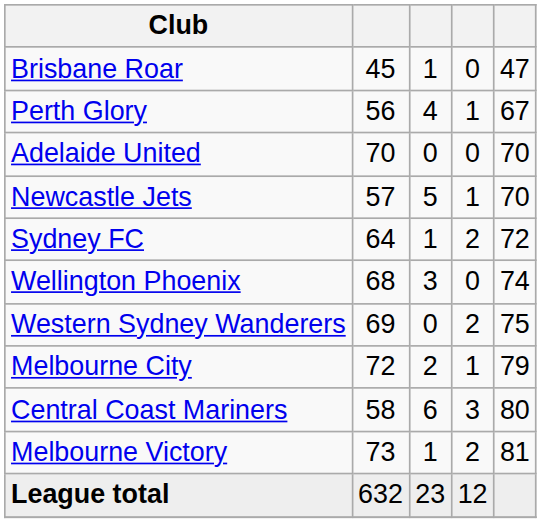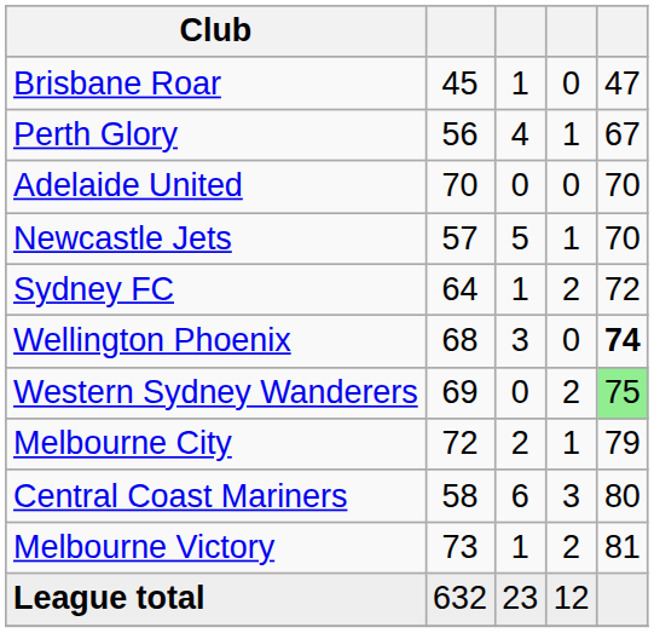 <table class="wikitable sortable" style="text-align:center">
 <tr>
 <th>Club</th>
 <th></th>
 <th></th>
 <th></th>
 <th></th>
 </tr>
 <tr>
 <td align="left"><a href='#'>Brisbane Roar</a></td>
 <td>45</td>
 <td>1</td>
 <td>0</td>
 <td>47</td>
 </tr>
 <tr>
 <td align="left"><a href='#'>Perth Glory</a></td>
 <td>56</td>
 <td>4</td>
 <td>1</td>
 <td>67</td>
 </tr>
 <tr>
 <td align="left"><a href='#'>Adelaide United</a></td>
 <td>70</td>
 <td>0</td>
 <td>0</td>
 <td>70</td>
 </tr>
 <tr>
 <td align="left"><a href='#'>Newcastle Jets</a></td>
 <td>57</td>
 <td>5</td>
 <td>1</td>
 <td>70</td>
 </tr>
 <tr>
 <td align="left"><a href='#'>Sydney FC</a></td>
 <td>64</td>
 <td>1</td>
 <td>2</td>
 <td>72</td>
 </tr>
 <tr>
 <td align="left"><a href='#'>Wellington Phoenix</a></td>
 <td>68</td>
 <td>3</td>
 <td>0</td>
-<td>74</td>
+<td><strong>74</strong></td>
 </tr>
 <tr>
 <td align="left"><a href='#'>Western Sydney Wanderers</a></td>
 <td>69</td>
 <td>0</td>
 <td>2</td>
-<td>75</td>
+<td style="background: lightgreen;">75</td>
 </tr>
 <tr>
 <td align="left"><a href='#'>Melbourne City</a></td>
 <td>72</td>
 <td>2</td>
 <td>1</td>
 <td>79</td>
 </tr>
 <tr>
 <td align="left"><a href='#'>Central Coast Mariners</a></td>
 <td>58</td>
 <td>6</td>
 <td>3</td>
 <td>80</td>
 </tr>
 <tr>
 <td align="left"><a href='#'>Melbourne Victory</a></td>
 <td>73</td>
 <td>1</td>
 <td>2</td>
 <td>81</td>
 </tr>
 <tr class="sortbottom" style="background:#eeeeee;">
 <td align="left"><strong>League total</strong></td>
 <td>632</td>
 <td>23</td>
 <td>12</td>
 <td></td>
 </tr>
 <tr>
 </tr>
 </table>
